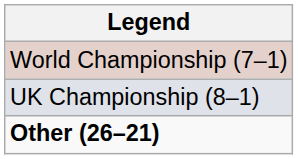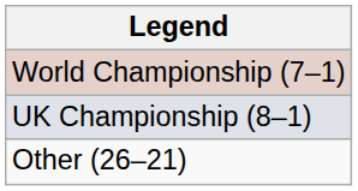 <table class="wikitable">
 <tr>
 <th>Legend</th>
 </tr>
 <tr style="background:#E5D1CB;">
 <td>World Championship (7–1)</td>
 </tr>
 <tr style="background:#DFE2E9;">
 <td>UK Championship (8–1)</td>
 </tr>
 <tr>
-<td><strong>Other (26–21)</strong></td>
+<td>Other (26–21)</td>
 </tr>
 </table>
